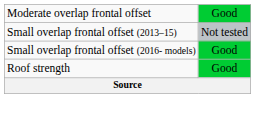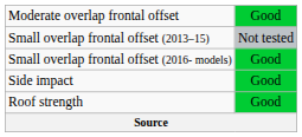 <table class="wikitable">
 <tr>
 <td>Moderate overlap frontal offset</td>
 <td style="background: #00CC33; text-align:center;">Good</td>
 </tr>
 <tr>
 <td>Small overlap frontal offset <small>(2013–15)</small></td>
 <td style="background:#bdc3c7;">Not tested</td>
 </tr>
 <tr>
 <td>Small overlap frontal offset <small>(2016- models)</small></td>
 <td style="background: #00CC33; text-align:center;">Good</td>
 </tr>
 <tr>
+<td>Side impact</td>
+<td style="background: #00CC33; text-align:center;">Good</td>
+</tr>
+<tr>
 <td>Roof strength</td>
 <td style="background: #00CC33; text-align:center;">Good</td>
 </tr>
 <tr>
 <th colspan="2" style="text-align:center; font-size:85%;">Source</th>
 </tr>
 </table>
